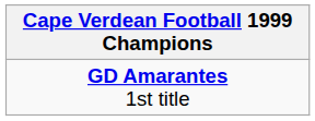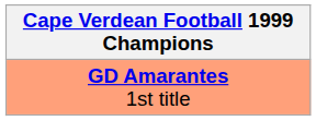 <table class="wikitable" style="margin: 0 auto; width: 240px;">
 <tr>
 <th><a href='#'>Cape Verdean Football</a> 1999<br>Champions</th>
 </tr>
 <tr>
-<td align=center><strong><a href='#'>GD Amarantes</a></strong><br>1st title</td>
+<td align=center style="background: lightsalmon;"><strong><a href='#'>GD Amarantes</a></strong><br>1st title</td>
 </tr>
 </table>
